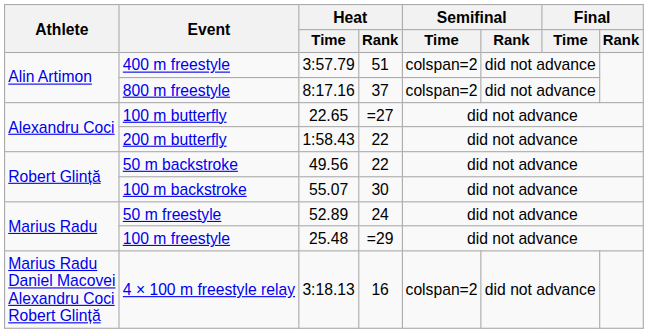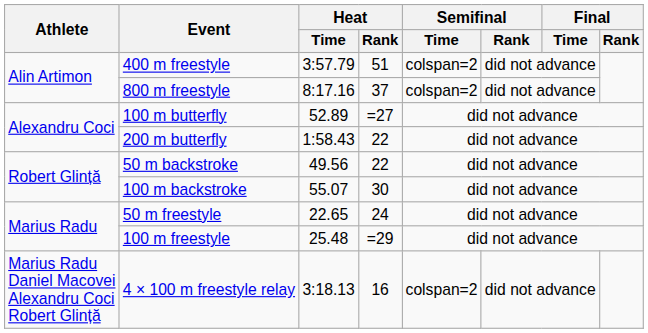 <table class=wikitable style="font-size:90%">
 <tr>
 <th rowspan="2">Athlete</th>
 <th rowspan="2">Event</th>
 <th colspan="2">Heat</th>
 <th colspan="2">Semifinal</th>
 <th colspan="2">Final</th>
 </tr>
 <tr style="font-size:95%">
 <th>Time</th>
 <th>Rank</th>
 <th>Time</th>
 <th>Rank</th>
 <th>Time</th>
 <th>Rank</th>
 </tr>
 <tr align=center>
 <td align=left rowspan=2><a href='#'>Alin Artimon</a></td>
 <td align=left><a href='#'>400 m freestyle</a></td>
 <td>3:57.79</td>
 <td>51</td>
 <td>colspan=2 </td>
 <td colspan=2>did not advance</td>
 </tr>
 <tr align=center>
 <td align=left><a href='#'>800 m freestyle</a></td>
 <td>8:17.16</td>
 <td>37</td>
 <td>colspan=2 </td>
 <td colspan=2>did not advance</td>
 </tr>
 <tr align=center>
 <td align=left rowspan=2><a href='#'>Alexandru Coci</a></td>
 <td align=left><a href='#'>100 m butterfly</a></td>
-<td>22.65</td>
+<td>52.89</td>
 <td>=27</td>
 <td colspan=4>did not advance</td>
 </tr>
 <tr align=center>
 <td align=left><a href='#'>200 m butterfly</a></td>
 <td>1:58.43</td>
 <td>22</td>
 <td colspan=4>did not advance</td>
 </tr>
 <tr align=center>
 <td align=left rowspan=2><a href='#'>Robert Glință</a></td>
 <td align=left><a href='#'>50 m backstroke</a></td>
 <td>49.56</td>
 <td>22</td>
 <td colspan=4>did not advance</td>
 </tr>
 <tr align=center>
 <td align=left><a href='#'>100 m backstroke</a></td>
 <td>55.07</td>
 <td>30</td>
 <td colspan=4>did not advance</td>
 </tr>
 <tr align=center>
 <td align=left rowspan=2><a href='#'>Marius Radu</a></td>
 <td align=left><a href='#'>50 m freestyle</a></td>
-<td>52.89</td>
+<td>22.65</td>
 <td>24</td>
 <td colspan=4>did not advance</td>
 </tr>
 <tr align=center>
 <td align=left><a href='#'>100 m freestyle</a></td>
 <td>25.48</td>
 <td>=29</td>
 <td colspan=4>did not advance</td>
 </tr>
 <tr align=center>
 <td align=left><a href='#'>Marius Radu</a><br><a href='#'>Daniel Macovei</a><br><a href='#'>Alexandru Coci</a><br><a href='#'>Robert Glință</a></td>
 <td align=left><a href='#'>4 × 100 m freestyle relay</a></td>
 <td>3:18.13</td>
 <td>16</td>
 <td>colspan=2 </td>
 <td colspan=2>did not advance</td>
 </tr>
 </table>
